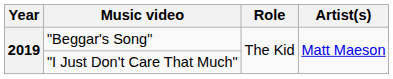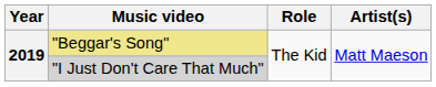 <table class="wikitable plainrowheaders">
 <tr>
 <th scope="col">Year</th>
 <th scope="col">Music video</th>
 <th scope="col">Role</th>
 <th scope="col">Artist(s)</th>
 </tr>
 <tr>
 <th scope="row" rowspan="2">2019</th>
-<td>"Beggar's Song"</td>
+<td style="background: khaki;">"Beggar's Song"</td>
 <td rowspan="2">The Kid</td>
 <td rowspan="2"><a href='#'>Matt Maeson</a></td>
 </tr>
 <tr>
-<td>"I Just Don't Care That Much"</td>
+<td style="background: lightgrey;">"I Just Don't Care That Much"</td>
 </tr>
 </table>
